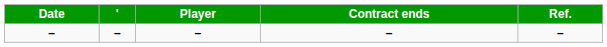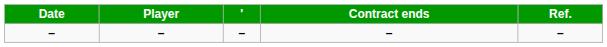 <table class="wikitable sortable" style="width:60%; text-align:center; font-size:95%; text-align:centre;">
 <tr>
 <th style="background:#009900; color:#FFFFFF; ">Date</th>
+<th style="background:#009900; color:#FFFFFF; ">Player</th>
 <th style="background:#009900; color:#FFFFFF; ">'</th>
-<th style="background:#009900; color:#FFFFFF; ">Player</th>
 <th style="background:#009900; color:#FFFFFF; ">Contract ends</th>
 <th style="background:#009900; color:#FFFFFF; ">Ref.</th>
 </tr>
 <tr>
 <td><strong>–</strong></td>
 <td><strong>–</strong></td>
 <td><strong>–</strong></td>
 <td><strong>–</strong></td>
 <td><strong>–</strong></td>
 </tr>
 </table>
